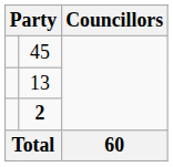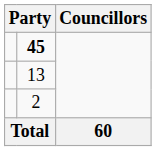 <table class="wikitable">
 <tr>
 <th colspan=2>Party</th>
 <th>Councillors</th>
 </tr>
 <tr>
 <td></td>
-<td align=center>45</td>
+<td align=center><strong>45</strong></td>
 </tr>
 <tr>
 <td></td>
 <td align=center>13</td>
 </tr>
 <tr>
 <td></td>
-<td align=center><strong>2</strong></td>
+<td align=center>2</td>
 </tr>
 <tr>
 <th colspan=2>Total</th>
 <th align=center>60</th>
 </tr>
 </table>
